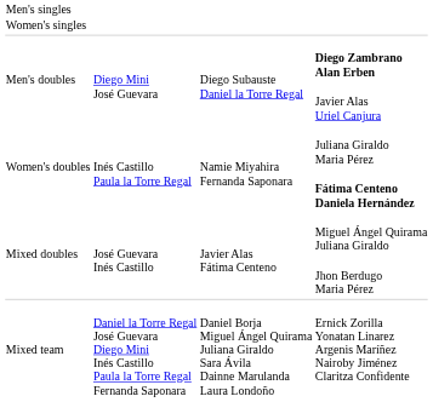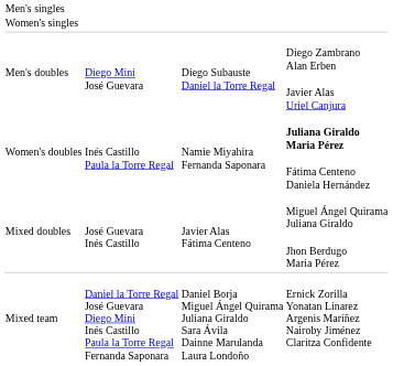 <table>
 <tr>
 <td rowspan=2>Men's singles</td>
 <td rowspan=2></td>
 <td rowspan=2></td>
 <td></td>
 </tr>
 <tr>
 <td></td>
 </tr>
 <tr>
 <td rowspan=2>Women's singles</td>
 <td rowspan=2></td>
 <td rowspan=2></td>
 <td></td>
 </tr>
 <tr>
 <td></td>
 </tr>
 <tr bgcolor=#DDDDDD>
 <td colspan=7></td>
 </tr>
 <tr>
 <td rowspan=2>Men's doubles</td>
 <td rowspan=2><br><a href='#'>Diego Mini</a><br>José Guevara</td>
 <td rowspan=2 nowrap><br>Diego Subauste<br><a href='#'>Daniel la Torre Regal</a></td>
-<td><strong><br>Diego Zambrano<br>Alan Erben</strong></td>
+<td><br>Diego Zambrano<br>Alan Erben</td>
 </tr>
 <tr>
 <td><br>Javier Alas<br><a href='#'>Uriel Canjura</a></td>
 </tr>
 <tr>
 <td rowspan=2 nowrap>Women's doubles</td>
 <td rowspan=2><br>Inés Castillo<br><a href='#'>Paula la Torre Regal</a></td>
 <td rowspan=2><br>Namie Miyahira<br>Fernanda Saponara</td>
-<td><br>Juliana Giraldo<br>Maria Pérez</td>
+<td><strong><br>Juliana Giraldo<br>Maria Pérez</strong></td>
 </tr>
 <tr>
-<td><strong><br>Fátima Centeno<br>Daniela Hernández</strong></td>
+<td><br>Fátima Centeno<br>Daniela Hernández</td>
 </tr>
 <tr>
 <td rowspan=2>Mixed doubles</td>
 <td rowspan=2><br>José Guevara<br>Inés Castillo</td>
 <td rowspan=2><br>Javier Alas<br>Fátima Centeno</td>
 <td><br>Miguel Ángel Quirama<br>Juliana Giraldo</td>
 </tr>
 <tr>
 <td><br>Jhon Berdugo<br>Maria Pérez</td>
 </tr>
 <tr bgcolor=#DDDDDD>
 <td colspan=7></td>
 </tr>
 <tr>
 <td>Mixed team</td>
 <td nowrap><br><a href='#'>Daniel la Torre Regal</a><br>José Guevara<br><a href='#'>Diego Mini</a><br>Inés Castillo<br><a href='#'>Paula la Torre Regal</a><br>Fernanda Saponara</td>
 <td nowrap><br>Daniel Borja<br>Miguel Ángel Quirama<br>Juliana Giraldo<br>Sara Ávila<br>Dainne Marulanda<br>Laura Londoño</td>
 <td valign=top nowrap><br>Ernick Zorilla<br>Yonatan Linarez<br>Argenis Maríñez<br>Nairoby Jiménez<br>Claritza Confidente</td>
 </tr>
 </table>
